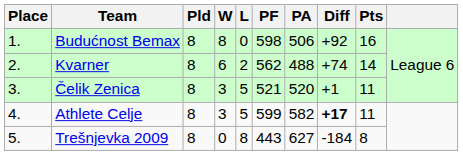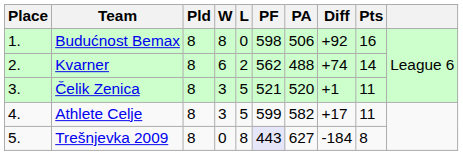 <table class="wikitable">
 <tr>
 <th>Place</th>
 <th>Team</th>
 <th>Pld</th>
 <th>W</th>
 <th>L</th>
 <th>PF</th>
 <th>PA</th>
 <th>Diff</th>
 <th>Pts</th>
 <th></th>
 </tr>
 <tr bgcolor=#ccffcc>
 <td>1.</td>
 <td> <a href='#'>Budućnost Bemax</a></td>
 <td>8</td>
 <td>8</td>
 <td>0</td>
 <td>598</td>
 <td>506</td>
 <td>+92</td>
 <td>16</td>
 <td rowspan="3">League 6</td>
 </tr>
 <tr bgcolor=#ccffcc>
 <td>2.</td>
 <td> <a href='#'>Kvarner</a></td>
 <td>8</td>
 <td>6</td>
 <td>2</td>
 <td>562</td>
 <td>488</td>
 <td>+74</td>
 <td>14</td>
 </tr>
 <tr bgcolor=#ccffcc>
 <td>3.</td>
 <td> <a href='#'>Čelik Zenica</a></td>
 <td>8</td>
 <td>3</td>
 <td>5</td>
 <td>521</td>
 <td>520</td>
 <td>+1</td>
 <td>11</td>
 </tr>
 <tr>
 <td>4.</td>
 <td> <a href='#'>Athlete Celje</a></td>
 <td>8</td>
 <td>3</td>
 <td>5</td>
 <td>599</td>
 <td>582</td>
-<td><strong>+17</strong></td>
+<td>+17</td>
 <td>11</td>
 <td rowspan="2"></td>
 </tr>
 <tr>
 <td>5.</td>
 <td> <a href='#'>Trešnjevka 2009</a></td>
 <td>8</td>
 <td>0</td>
 <td>8</td>
-<td>443</td>
+<td style="background: lavender;">443</td>
 <td>627</td>
 <td>-184</td>
 <td>8</td>
 </tr>
 </table>
